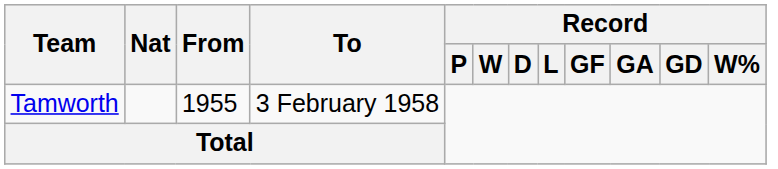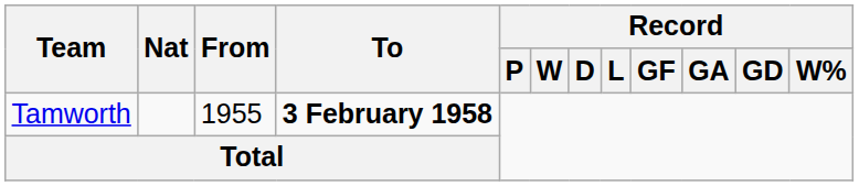 <table class="wikitable" style="text-align: center">
 <tr>
 <th rowspan="2">Team</th>
 <th rowspan="2">Nat</th>
 <th rowspan="2">From</th>
 <th rowspan="2">To</th>
 <th colspan="8">Record</th>
 </tr>
 <tr>
 <th>P</th>
 <th>W</th>
 <th>D</th>
 <th>L</th>
 <th>GF</th>
 <th>GA</th>
 <th>GD</th>
 <th>W%</th>
 </tr>
 <tr>
 <td align=left><a href='#'>Tamworth</a></td>
 <td></td>
 <td align=left>1955</td>
-<td align=left>3 February 1958<br></td>
+<td align=left><strong>3 February 1958<br></strong></td>
 </tr>
 <tr>
 <th colspan="4">Total<br></th>
 </tr>
 </table>
